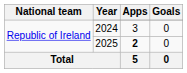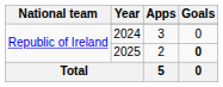 <table class=wikitable style=text-align:center>
 <tr>
 <th>National team</th>
 <th>Year</th>
 <th>Apps</th>
 <th>Goals</th>
 </tr>
 <tr>
 <td rowspan="3"><a href='#'>Republic of Ireland</a></td>
 </tr>
 <tr>
 <td>2024</td>
 <td>3</td>
 <td>0</td>
 </tr>
 <tr>
 <td>2025</td>
-<td><strong>2</strong></td>
-<td>0</td>
+<td>2</td>
+<td><strong>0</strong></td>
 </tr>
 <tr>
 <th colspan="2">Total</th>
 <th>5</th>
 <th>0</th>
 </tr>
 </table>
